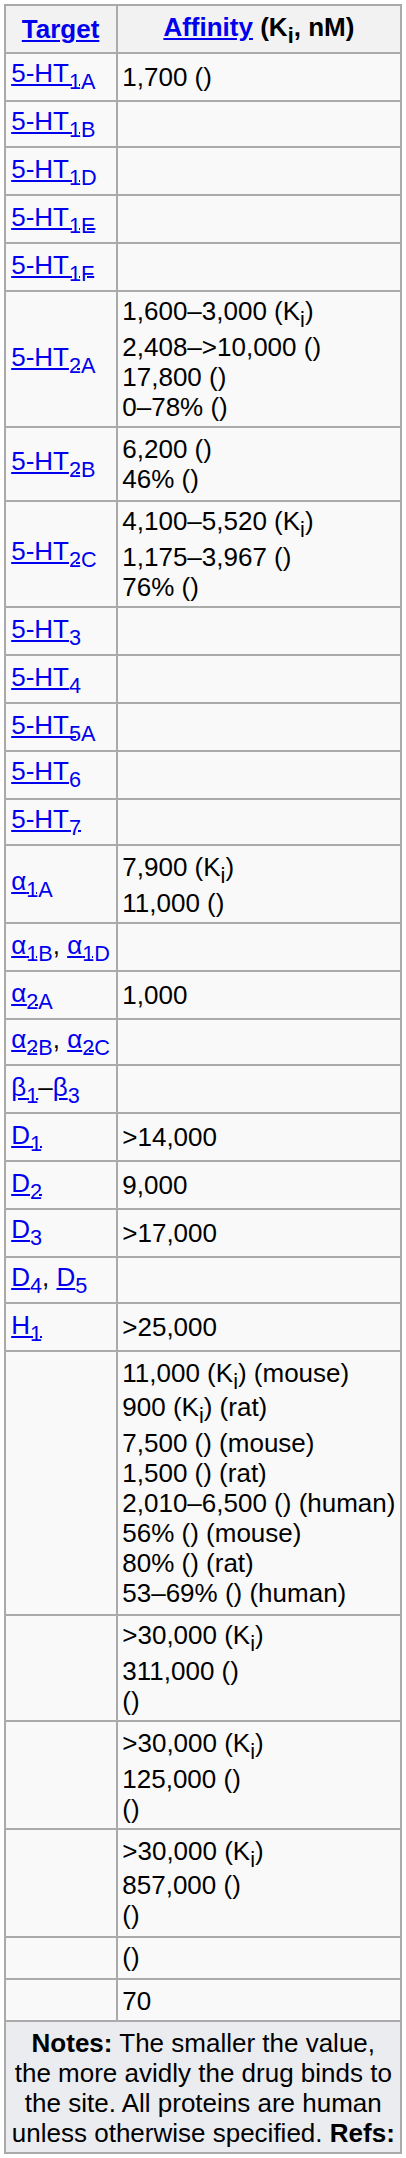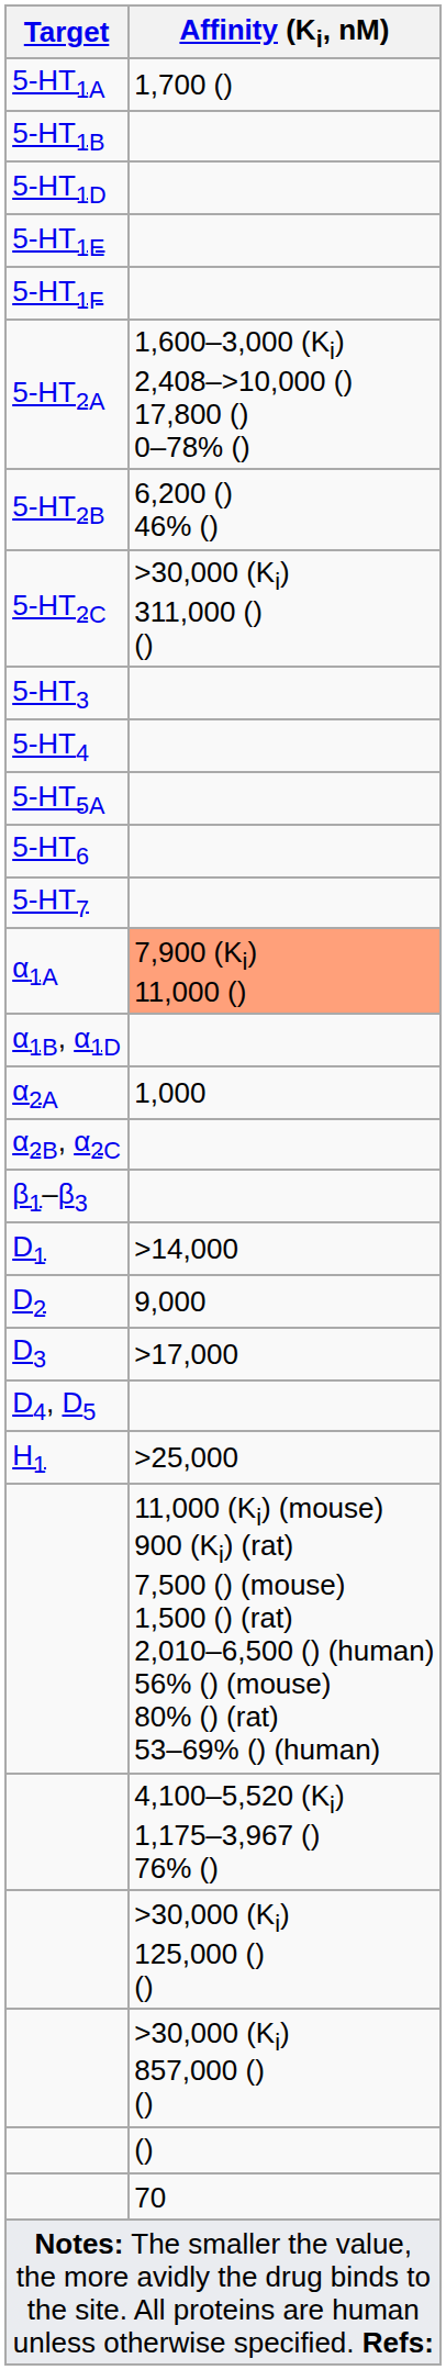 <table class="wikitable floatleft" style="font-size:small;">
 <tr>
 <th><a href='#'>Target</a></th>
 <th><a href='#'>Affinity</a> (K<sub>i</sub>, nM)</th>
 </tr>
 <tr>
 <td><a href='#'>5-HT<sub>1A</sub></a></td>
 <td>1,700 ()</td>
 </tr>
 <tr>
 <td><a href='#'>5-HT<sub>1B</sub></a></td>
 <td></td>
 </tr>
 <tr>
 <td><a href='#'>5-HT<sub>1D</sub></a></td>
 <td></td>
 </tr>
 <tr>
 <td><a href='#'>5-HT<sub>1E</sub></a></td>
 <td></td>
 </tr>
 <tr>
 <td><a href='#'>5-HT<sub>1F</sub></a></td>
 <td></td>
 </tr>
 <tr>
 <td><a href='#'>5-HT<sub>2A</sub></a></td>
 <td>1,600–3,000 (K<sub>i</sub>)<br>2,408–>10,000 ()<br>17,800 ()<br>0–78% ()</td>
 </tr>
 <tr>
 <td><a href='#'>5-HT<sub>2B</sub></a></td>
 <td>6,200 ()<br>46% ()</td>
 </tr>
 <tr>
 <td><a href='#'>5-HT<sub>2C</sub></a></td>
-<td>4,100–5,520 (K<sub>i</sub>)<br>1,175–3,967 ()<br>76% ()</td>
+<td>>30,000 (K<sub>i</sub>)<br>311,000 ()<br> ()</td>
 </tr>
 <tr>
 <td><a href='#'>5-HT<sub>3</sub></a></td>
 <td></td>
 </tr>
 <tr>
 <td><a href='#'>5-HT<sub>4</sub></a></td>
 <td></td>
 </tr>
 <tr>
 <td><a href='#'>5-HT<sub>5A</sub></a></td>
 <td></td>
 </tr>
 <tr>
 <td><a href='#'>5-HT<sub>6</sub></a></td>
 <td></td>
 </tr>
 <tr>
 <td><a href='#'>5-HT<sub>7</sub></a></td>
 <td></td>
 </tr>
 <tr>
 <td><a href='#'>α<sub>1A</sub></a></td>
-<td>7,900 (K<sub>i</sub>)<br>11,000 ()</td>
+<td style="background: lightsalmon;">7,900 (K<sub>i</sub>)<br>11,000 ()</td>
 </tr>
 <tr>
 <td><a href='#'>α<sub>1B</sub></a>, <a href='#'>α<sub>1D</sub></a></td>
 <td></td>
 </tr>
 <tr>
 <td><a href='#'>α<sub>2A</sub></a></td>
 <td>1,000</td>
 </tr>
 <tr>
 <td><a href='#'>α<sub>2B</sub></a>, <a href='#'>α<sub>2C</sub></a></td>
 <td></td>
 </tr>
 <tr>
 <td><a href='#'>β<sub>1</sub></a>–<a href='#'>β<sub>3</sub></a></td>
 <td></td>
 </tr>
 <tr>
 <td><a href='#'>D<sub>1</sub></a></td>
 <td>>14,000</td>
 </tr>
 <tr>
 <td><a href='#'>D<sub>2</sub></a></td>
 <td>9,000</td>
 </tr>
 <tr>
 <td><a href='#'>D<sub>3</sub></a></td>
 <td>>17,000</td>
 </tr>
 <tr>
 <td><a href='#'>D<sub>4</sub></a>, <a href='#'>D<sub>5</sub></a></td>
 <td></td>
 </tr>
 <tr>
 <td><a href='#'>H<sub>1</sub></a></td>
 <td>>25,000</td>
 </tr>
 <tr>
 <td></td>
 <td>11,000 (K<sub>i</sub>) (mouse)<br>900 (K<sub>i</sub>) (rat)<br>7,500 () (mouse)<br>1,500 () (rat)<br>2,010–6,500 () (human)<br>56% () (mouse)<br>80% () (rat)<br>53–69% () (human)</td>
 </tr>
 <tr>
 <td></td>
-<td>>30,000 (K<sub>i</sub>)<br>311,000 ()<br> ()</td>
+<td>4,100–5,520 (K<sub>i</sub>)<br>1,175–3,967 ()<br>76% ()</td>
 </tr>
 <tr>
 <td></td>
 <td>>30,000 (K<sub>i</sub>)<br>125,000 ()<br> ()</td>
 </tr>
 <tr>
 <td></td>
 <td>>30,000 (K<sub>i</sub>)<br>857,000 ()<br> ()</td>
 </tr>
 <tr>
 <td></td>
 <td> ()</td>
 </tr>
 <tr>
 <td></td>
 <td>70</td>
 </tr>
 <tr class="sortbottom">
 <td colspan="2" style="width: 1px; background-color:#eaecf0; text-align: center;"><strong>Notes:</strong> The smaller the value, the more avidly the drug binds to the site. All proteins are human unless otherwise specified. <strong>Refs:</strong> </td>
 </tr>
 </table>
